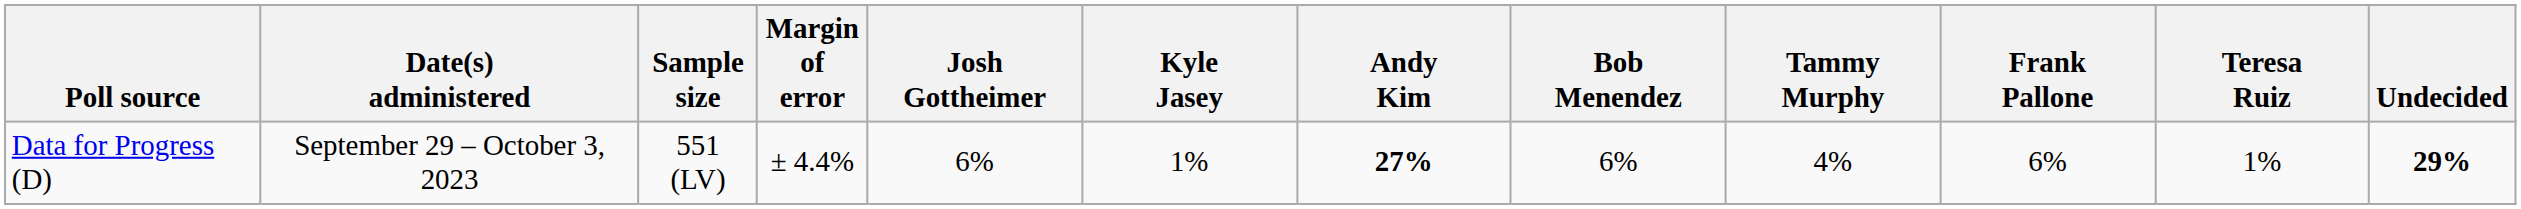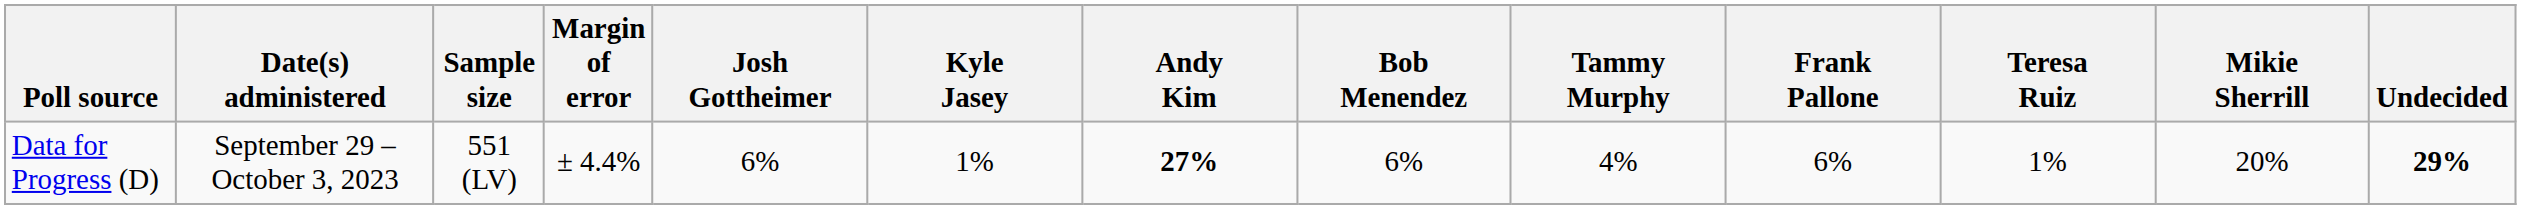 <table class="wikitable" style="font-size:90%;text-align:center;">
 <tr valign=bottom>
 <th>Poll source</th>
 <th>Date(s)<br>administered</th>
 <th>Sample<br>size</th>
 <th>Margin<br>of error</th>
 <th style="width:100px;">Josh<br>Gottheimer</th>
 <th style="width:100px;">Kyle<br>Jasey</th>
 <th style="width:100px;">Andy<br>Kim</th>
 <th style="width:100px;">Bob<br>Menendez</th>
 <th style="width:100px;">Tammy<br>Murphy</th>
 <th style="width:100px;">Frank<br>Pallone</th>
 <th style="width:100px;">Teresa<br>Ruiz</th>
+<th style="width:100px;">Mikie<br>Sherrill</th>
 <th>Undecided</th>
 </tr>
 <tr>
 <td style="text-align:left"><a href='#'>Data for Progress</a> (D)</td>
 <td>September 29 – October 3, 2023</td>
 <td>551 (LV)</td>
 <td>± 4.4%</td>
 <td>6%</td>
 <td>1%</td>
 <td><strong>27%</strong></td>
 <td>6%</td>
 <td>4%</td>
 <td>6%</td>
 <td>1%</td>
+<td>20%</td>
 <td><strong>29%</strong></td>
 </tr>
 </table>
